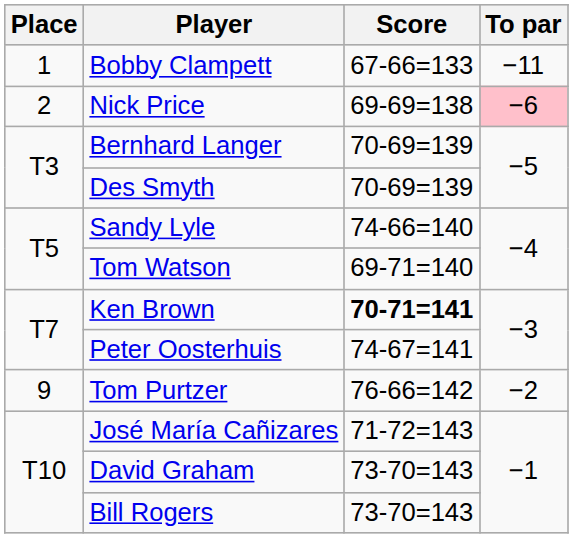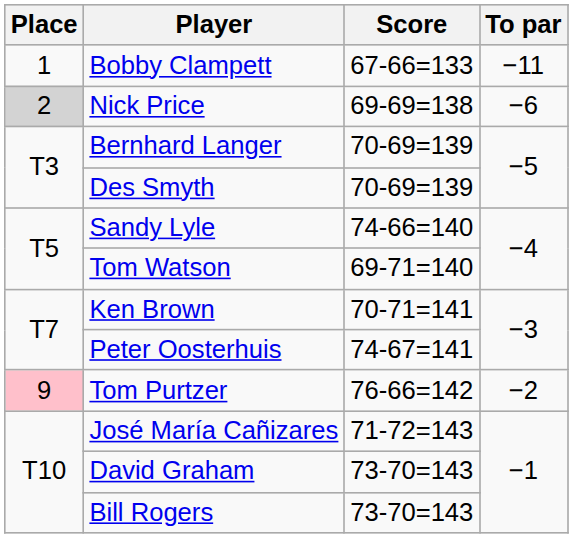 <table class="wikitable">
 <tr>
 <th>Place</th>
 <th>Player</th>
 <th>Score</th>
 <th>To par</th>
 </tr>
 <tr>
 <td align=center>1</td>
 <td> <a href='#'>Bobby Clampett</a></td>
 <td align=center>67-66=133</td>
 <td align=center>−11</td>
 </tr>
 <tr>
-<td align=center>2</td>
+<td align=center style="background: lightgrey;">2</td>
 <td> <a href='#'>Nick Price</a></td>
 <td align=center>69-69=138</td>
-<td align=center style="background: pink;">−6</td>
+<td align=center>−6</td>
 </tr>
 <tr>
 <td rowspan="2" align=center>T3</td>
 <td> <a href='#'>Bernhard Langer</a></td>
 <td align=center>70-69=139</td>
 <td rowspan="2" align=center>−5</td>
 </tr>
 <tr>
 <td> <a href='#'>Des Smyth</a></td>
 <td align=center>70-69=139</td>
 </tr>
 <tr>
 <td rowspan="2" align=center>T5</td>
 <td> <a href='#'>Sandy Lyle</a></td>
 <td align=center>74-66=140</td>
 <td rowspan="2" align=center>−4</td>
 </tr>
 <tr>
 <td> <a href='#'>Tom Watson</a></td>
 <td align=center>69-71=140</td>
 </tr>
 <tr>
 <td rowspan="2" align=center>T7</td>
 <td> <a href='#'>Ken Brown</a></td>
-<td align=center><strong>70-71=141</strong></td>
+<td align=center>70-71=141</td>
 <td rowspan="2" align=center>−3</td>
 </tr>
 <tr>
 <td> <a href='#'>Peter Oosterhuis</a></td>
 <td align=center>74-67=141</td>
 </tr>
 <tr>
-<td align=center>9</td>
+<td align=center style="background: pink;">9</td>
 <td> <a href='#'>Tom Purtzer</a></td>
 <td align=center>76-66=142</td>
 <td align=center>−2</td>
 </tr>
 <tr>
 <td rowspan="3" align=center>T10</td>
 <td> <a href='#'>José María Cañizares</a></td>
 <td align=center>71-72=143</td>
 <td rowspan="3" align=center>−1</td>
 </tr>
 <tr>
 <td> <a href='#'>David Graham</a></td>
 <td align=center>73-70=143</td>
 </tr>
 <tr>
 <td> <a href='#'>Bill Rogers</a></td>
 <td align=center>73-70=143</td>
 </tr>
 </table>
